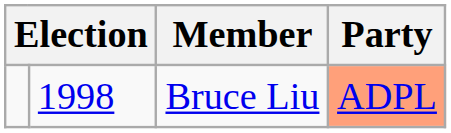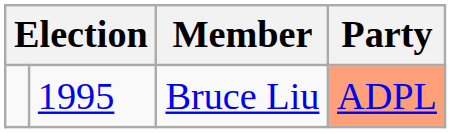 <table class="wikitable">
 <tr>
 <th colspan="2">Election</th>
 <th>Member</th>
 <th>Party</th>
 </tr>
 <tr>
 <td style="background-color: "></td>
-<td><a href='#'>1998</a></td>
+<td><a href='#'>1995</a></td>
 <td><a href='#'>Bruce Liu</a></td>
 <td style="background: lightsalmon;"><a href='#'>ADPL</a></td>
 </tr>
 </table>
